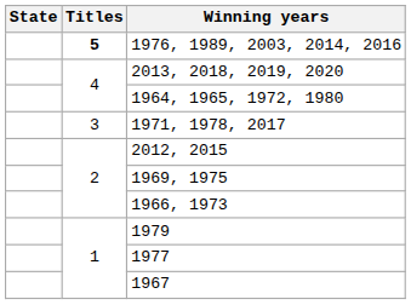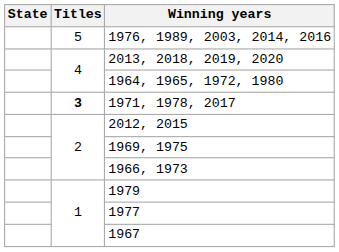 <table class="wikitable sortable" style="margin: 1em 1em 1em 0; background: #FFFFFF; border: 1px #aaa solid; border-collapse: collapse; font-size: 92%;">
 <tr>
 <th>State</th>
 <th>Titles</th>
 <th>Winning years</th>
 </tr>
 <tr>
 <td></td>
-<td rowspan="1" align="center"><strong>5</strong></td>
+<td rowspan="1" align="center">5</td>
 <td>1976, 1989, 2003, 2014, 2016</td>
 </tr>
 <tr>
 <td></td>
 <td rowspan="2" align="center">4</td>
 <td>2013, 2018, 2019, 2020</td>
 </tr>
 <tr>
 <td></td>
 <td>1964, 1965, 1972, 1980</td>
 </tr>
 <tr>
 <td></td>
-<td rowspan="1" align="center">3</td>
+<td rowspan="1" align="center"><strong>3</strong></td>
 <td>1971, 1978, 2017</td>
 </tr>
 <tr>
 <td></td>
 <td rowspan="3" align="center">2</td>
 <td>2012, 2015</td>
 </tr>
 <tr>
 <td></td>
 <td>1969, 1975</td>
 </tr>
 <tr>
 <td></td>
 <td>1966, 1973</td>
 </tr>
 <tr>
 <td></td>
 <td rowspan="3" align="center">1</td>
 <td>1979</td>
 </tr>
 <tr>
 <td></td>
 <td>1977</td>
 </tr>
 <tr>
 <td></td>
 <td>1967</td>
 </tr>
 </table>
